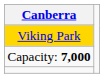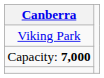 <table class="wikitable" style="text-align:center">
 <tr>
 <th><a href='#'>Canberra</a></th>
 <td rowspan=4></td>
 </tr>
 <tr>
-<td style="background: gold;"><a href='#'>Viking Park</a></td>
+<td><a href='#'>Viking Park</a></td>
 </tr>
 <tr>
 <td>Capacity: <strong>7,000</strong></td>
 </tr>
 <tr>
 <td></td>
 </tr>
 </table>
